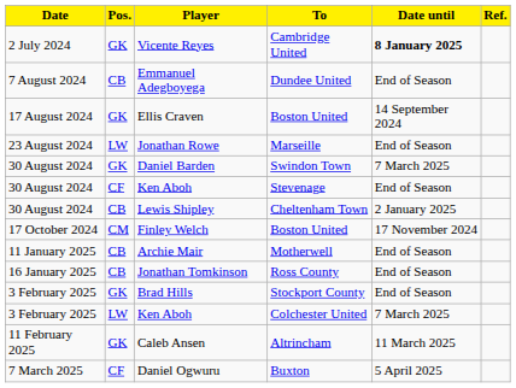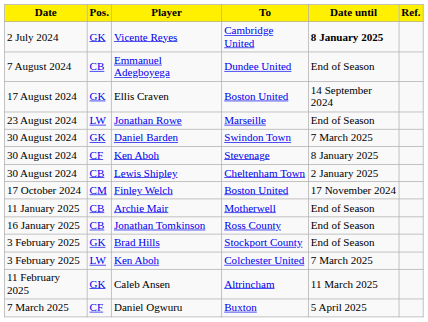 <table class="wikitable plainrowheaders sortable">
 <tr>
 <th style="background:#fff000;color:#000000;">Date</th>
 <th style="background:#fff000;color:#000000;">Pos.</th>
 <th style="background:#fff000;color:#000000;">Player</th>
 <th style="background:#fff000;color:#000000;">To</th>
 <th style="background:#fff000;color:#000000;">Date until</th>
 <th style="background:#fff000;color:#000000;">Ref.</th>
 </tr>
 <tr>
 <td>2 July 2024</td>
 <td><a href='#'>GK</a></td>
 <td> <a href='#'>Vicente Reyes</a></td>
 <td> <a href='#'>Cambridge United</a></td>
 <td><strong>8 January 2025</strong></td>
 <td></td>
 </tr>
 <tr>
 <td>7 August 2024</td>
 <td><a href='#'>CB</a></td>
 <td> <a href='#'>Emmanuel Adegboyega</a></td>
 <td> <a href='#'>Dundee United</a></td>
 <td>End of Season</td>
 <td></td>
 </tr>
 <tr>
 <td>17 August 2024</td>
 <td><a href='#'>GK</a></td>
 <td> Ellis Craven</td>
 <td> <a href='#'>Boston United</a></td>
 <td>14 September 2024</td>
 <td></td>
 </tr>
 <tr>
 <td>23 August 2024</td>
 <td><a href='#'>LW</a></td>
 <td> <a href='#'>Jonathan Rowe</a></td>
 <td> <a href='#'>Marseille</a></td>
 <td>End of Season</td>
 <td></td>
 </tr>
 <tr>
 <td>30 August 2024</td>
 <td><a href='#'>GK</a></td>
 <td> <a href='#'>Daniel Barden</a></td>
 <td> <a href='#'>Swindon Town</a></td>
 <td>7 March 2025</td>
 <td></td>
 </tr>
 <tr>
 <td>30 August 2024</td>
 <td><a href='#'>CF</a></td>
 <td> <a href='#'>Ken Aboh</a></td>
 <td> <a href='#'>Stevenage</a></td>
-<td>End of Season</td>
+<td>8 January 2025</td>
 <td></td>
 </tr>
 <tr>
 <td>30 August 2024</td>
 <td><a href='#'>CB</a></td>
 <td> <a href='#'>Lewis Shipley</a></td>
 <td> <a href='#'>Cheltenham Town</a></td>
 <td>2 January 2025</td>
 <td></td>
 </tr>
 <tr>
 <td>17 October 2024</td>
 <td><a href='#'>CM</a></td>
 <td> <a href='#'>Finley Welch</a></td>
 <td> <a href='#'>Boston United</a></td>
 <td>17 November 2024</td>
 <td></td>
 </tr>
 <tr>
 <td>11 January 2025</td>
 <td><a href='#'>CB</a></td>
 <td> <a href='#'>Archie Mair</a></td>
 <td> <a href='#'>Motherwell</a></td>
 <td>End of Season</td>
 <td></td>
 </tr>
 <tr>
 <td>16 January 2025</td>
 <td><a href='#'>CB</a></td>
 <td> <a href='#'>Jonathan Tomkinson</a></td>
 <td> <a href='#'>Ross County</a></td>
 <td>End of Season</td>
 <td></td>
 </tr>
 <tr>
 <td>3 February 2025</td>
 <td><a href='#'>GK</a></td>
 <td> <a href='#'>Brad Hills</a></td>
 <td> <a href='#'>Stockport County</a></td>
 <td>End of Season</td>
 <td></td>
 </tr>
 <tr>
 <td>3 February 2025</td>
 <td><a href='#'>LW</a></td>
 <td> <a href='#'>Ken Aboh</a></td>
 <td> <a href='#'>Colchester United</a></td>
 <td>7 March 2025</td>
 <td></td>
 </tr>
 <tr>
 <td>11 February 2025</td>
 <td><a href='#'>GK</a></td>
 <td> Caleb Ansen</td>
 <td> <a href='#'>Altrincham</a></td>
 <td>11 March 2025</td>
 <td></td>
 </tr>
 <tr>
 <td>7 March 2025</td>
 <td><a href='#'>CF</a></td>
 <td> Daniel Ogwuru</td>
 <td> <a href='#'>Buxton</a></td>
 <td>5 April 2025</td>
 <td></td>
 </tr>
 </table>
